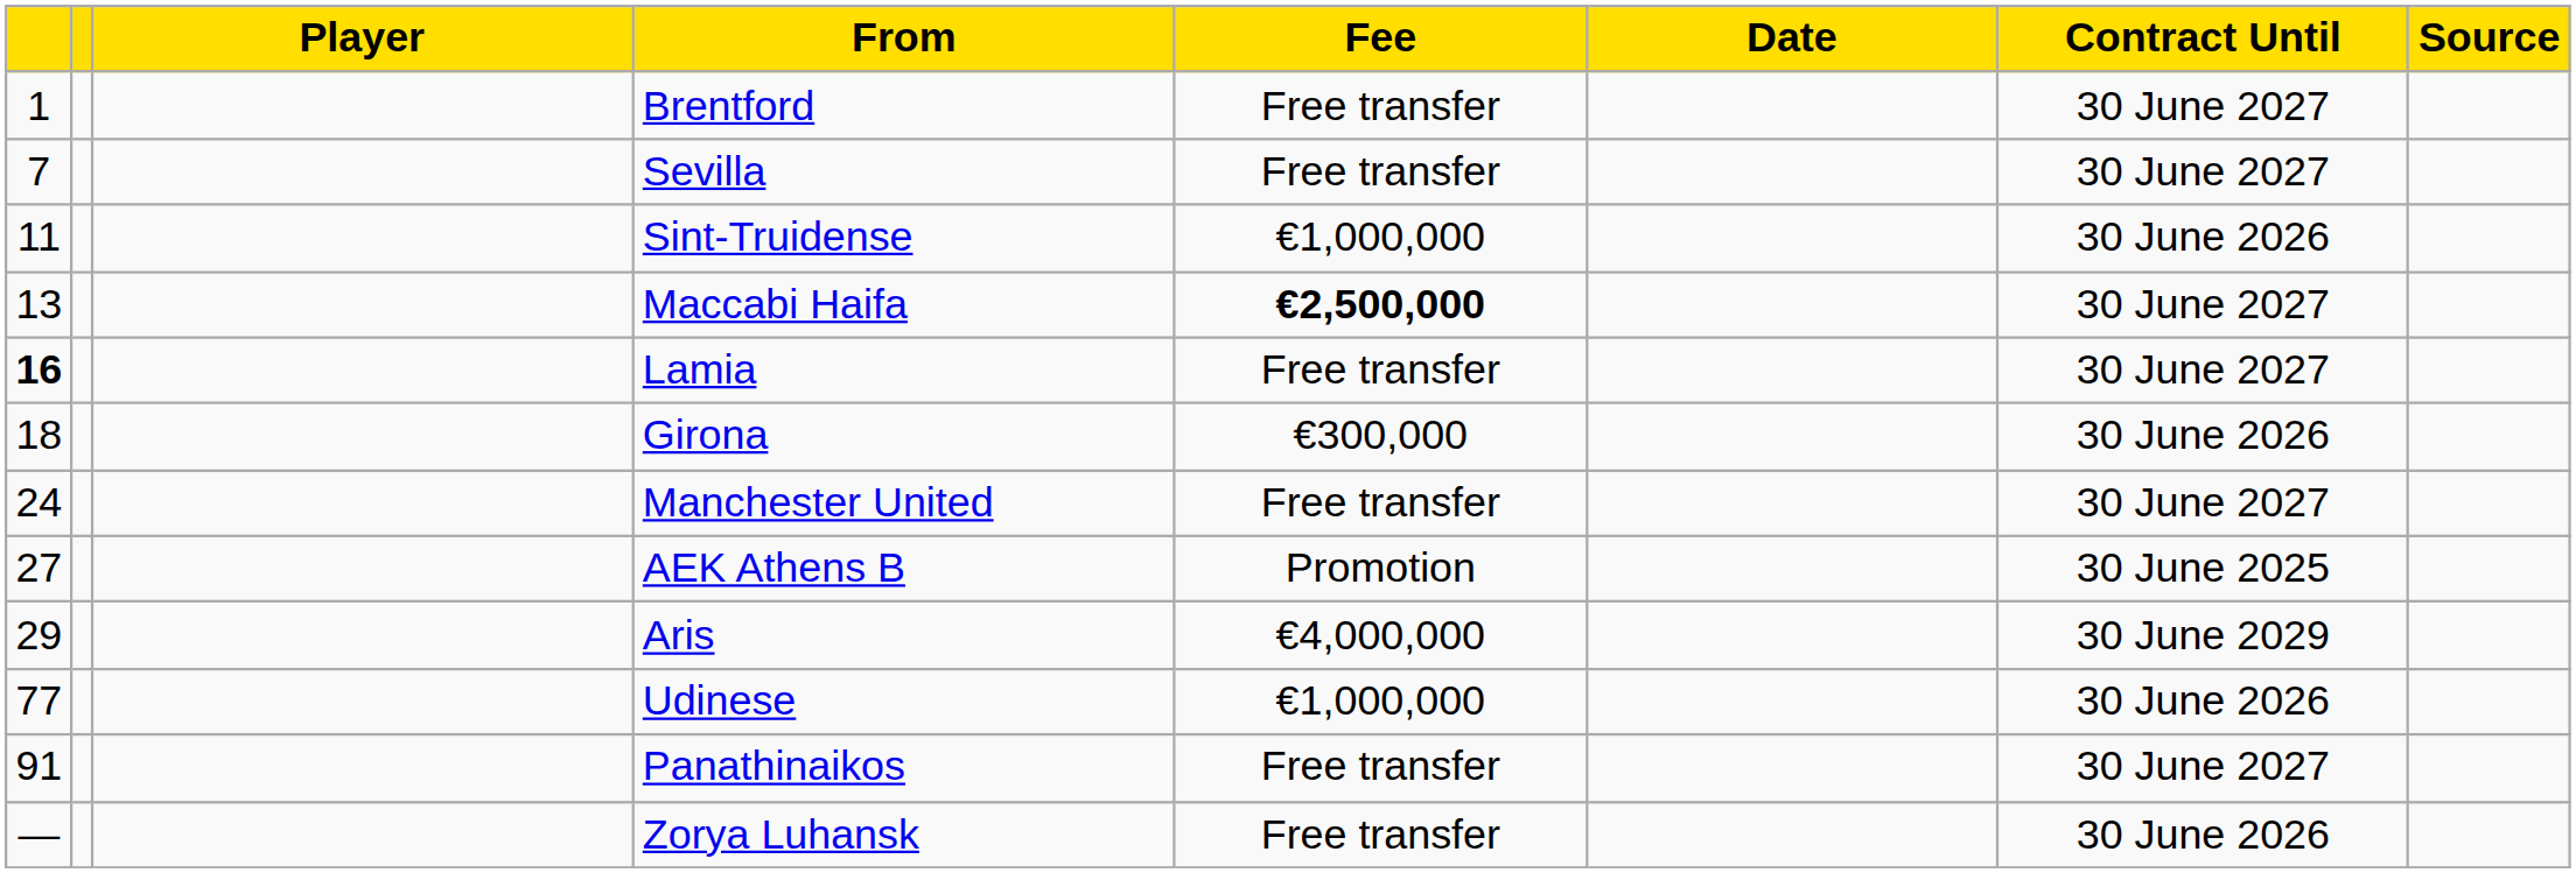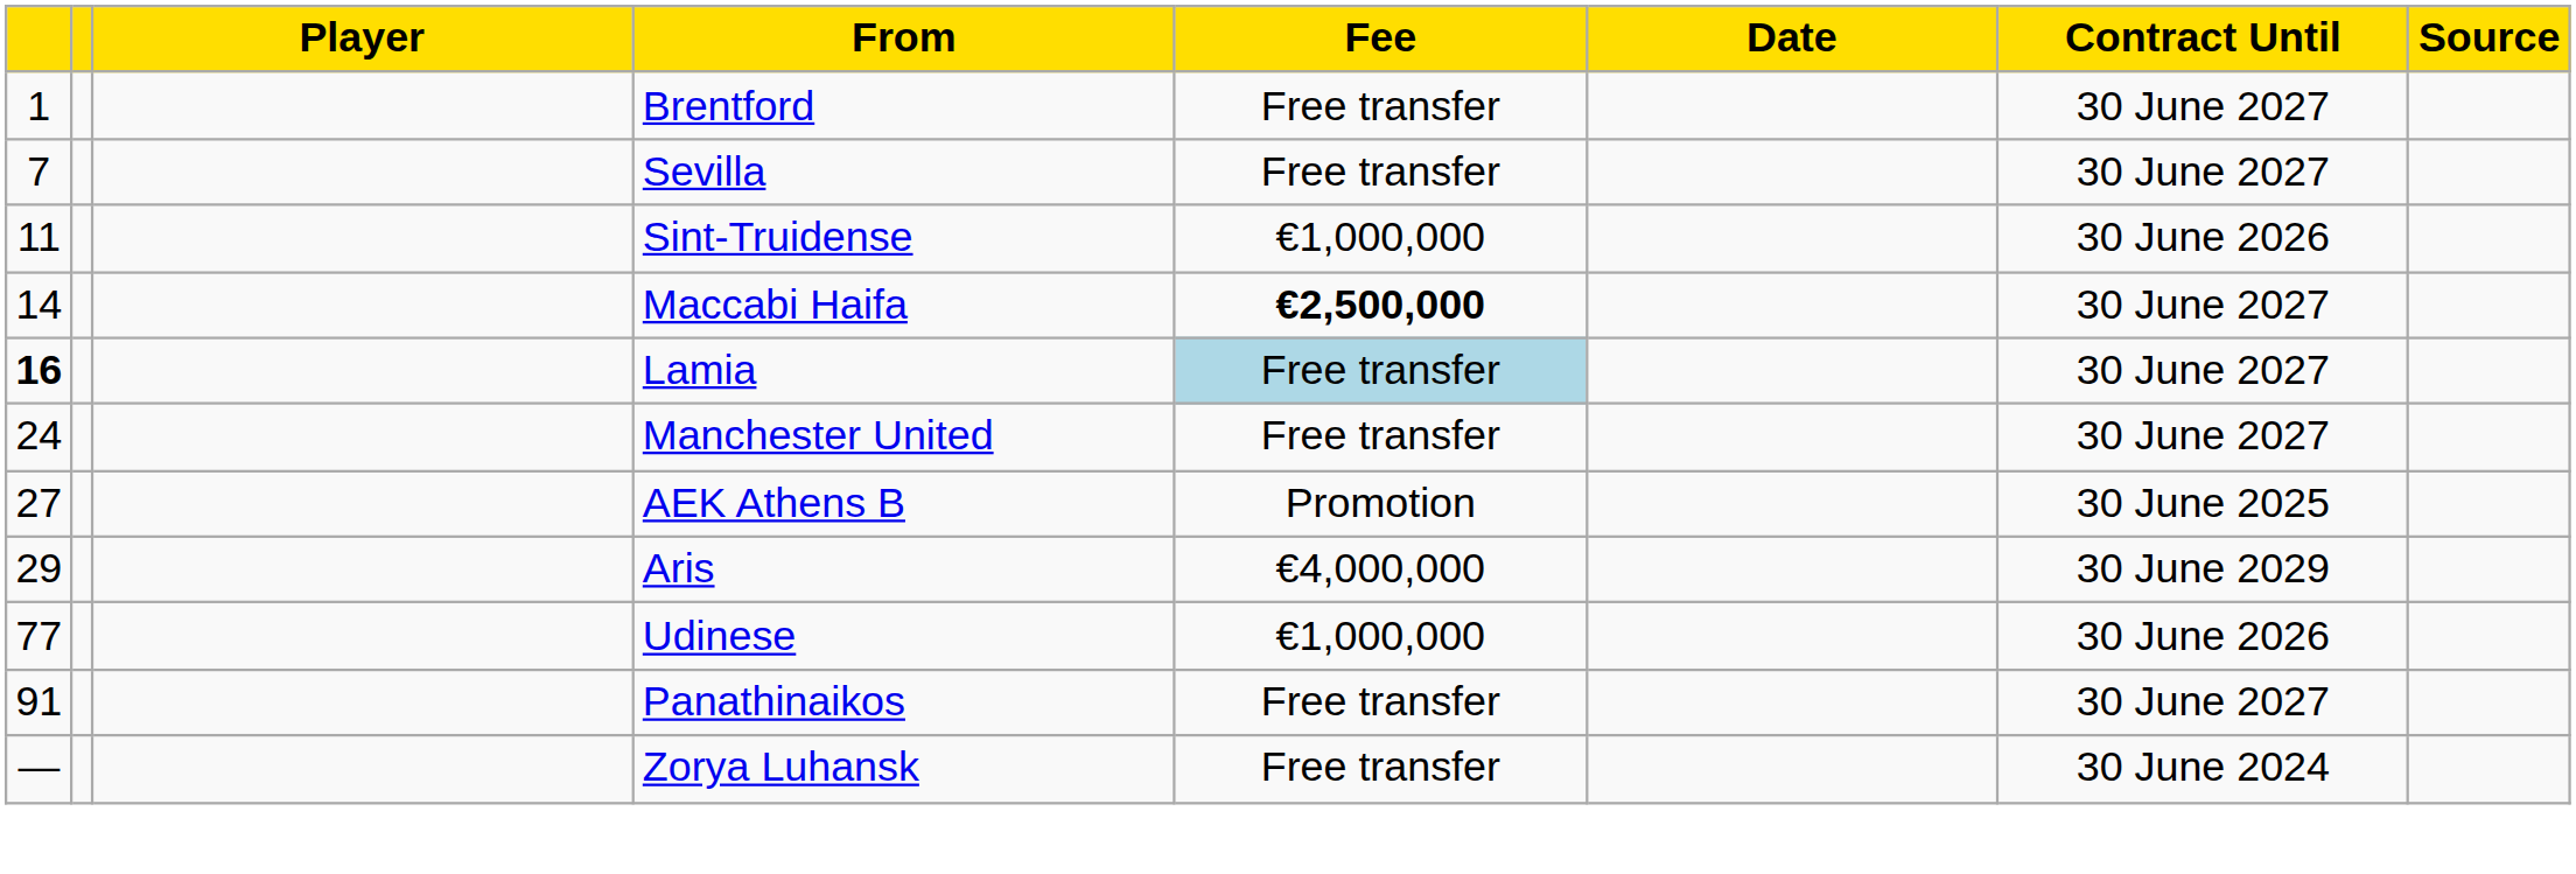 <table class="wikitable sortable">
 <tr>
 <th style="background:#FFDE00"></th>
 <th style="background:#FFDE00"></th>
 <th width=200 style="background:#FFDE00">Player</th>
 <th width=200 style="background:#FFDE00">From</th>
 <th width=150 style="background:#FFDE00">Fee</th>
 <th width=150 style="background:#FFDE00">Date</th>
 <th width=150 style="background:#FFDE00">Contract Until</th>
 <th style="background:#FFDE00">Source</th>
 </tr>
 <tr>
 <td align=center>1</td>
 <td align=center></td>
 <td></td>
 <td> <a href='#'>Brentford</a></td>
 <td align=center>Free transfer</td>
 <td align=center></td>
 <td align=center>30 June 2027</td>
 <td align=center></td>
 </tr>
 <tr>
 <td align=center>7</td>
 <td align=center></td>
 <td></td>
 <td> <a href='#'>Sevilla</a></td>
 <td align=center>Free transfer</td>
 <td align=center></td>
 <td align=center>30 June 2027</td>
 <td align=center></td>
 </tr>
 <tr>
 <td align=center>11</td>
 <td align=center></td>
 <td></td>
 <td> <a href='#'>Sint-Truidense</a></td>
 <td align=center>€1,000,000</td>
 <td align=center></td>
 <td align=center>30 June 2026</td>
 <td align=center></td>
 </tr>
 <tr>
-<td align=center>13</td>
+<td align=center>14</td>
 <td align=center></td>
 <td></td>
 <td> <a href='#'>Maccabi Haifa</a></td>
 <td align=center><strong>€2,500,000</strong></td>
 <td align=center></td>
 <td align=center>30 June 2027</td>
 <td align=center></td>
 </tr>
 <tr>
 <td align=center><strong>16</strong></td>
 <td align=center></td>
 <td></td>
 <td> <a href='#'>Lamia</a></td>
-<td align=center>Free transfer</td>
+<td align=center style="background: lightblue;">Free transfer</td>
 <td align=center></td>
 <td align=center>30 June 2027</td>
-<td align=center></td>
-</tr>
-<tr>
-<td align=center>18</td>
-<td align=center></td>
-<td></td>
-<td> <a href='#'>Girona</a></td>
-<td align=center>€300,000</td>
-<td align=center></td>
-<td align=center>30 June 2026</td>
 <td align=center></td>
 </tr>
 <tr>
 <td align=center>24</td>
 <td align=center></td>
 <td></td>
 <td> <a href='#'>Manchester United</a></td>
 <td align=center>Free transfer</td>
 <td align=center></td>
 <td align=center>30 June 2027</td>
 <td align=center></td>
 </tr>
 <tr>
 <td align=center>27</td>
 <td align=center></td>
 <td></td>
 <td> <a href='#'>AEK Athens Β</a></td>
 <td align=center>Promotion</td>
 <td align=center></td>
 <td align=center>30 June 2025</td>
 <td align=center></td>
 </tr>
 <tr>
 <td align=center>29</td>
 <td align=center></td>
 <td></td>
 <td> <a href='#'>Aris</a></td>
 <td align=center>€4,000,000</td>
 <td align=center></td>
 <td align=center>30 June 2029</td>
 <td align=center></td>
 </tr>
 <tr>
 <td align=center>77</td>
 <td align=center></td>
 <td></td>
 <td> <a href='#'>Udinese</a></td>
 <td align=center>€1,000,000</td>
 <td align=center></td>
 <td align=center>30 June 2026</td>
 <td align=center></td>
 </tr>
 <tr>
 <td align=center>91</td>
 <td align=center></td>
 <td></td>
 <td> <a href='#'>Panathinaikos</a></td>
 <td align=center>Free transfer</td>
 <td align=center></td>
 <td align=center>30 June 2027</td>
 <td align=center></td>
 </tr>
 <tr>
 <td align=center>—</td>
 <td align=center></td>
 <td></td>
 <td> <a href='#'>Zorya Luhansk</a></td>
 <td align=center>Free transfer</td>
 <td align=center></td>
-<td align=center>30 June 2026</td>
+<td align=center>30 June 2024</td>
 <td align=center></td>
 </tr>
 </table>
